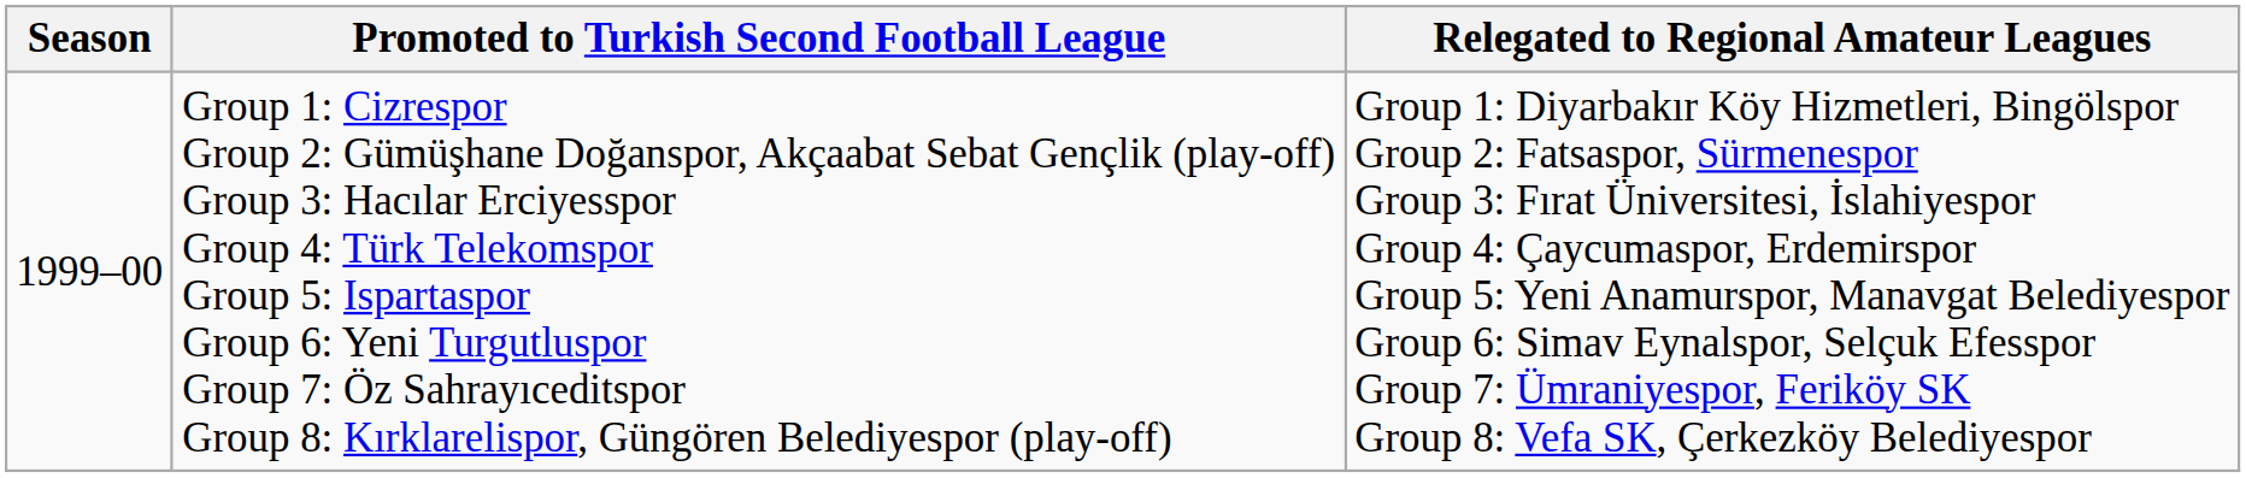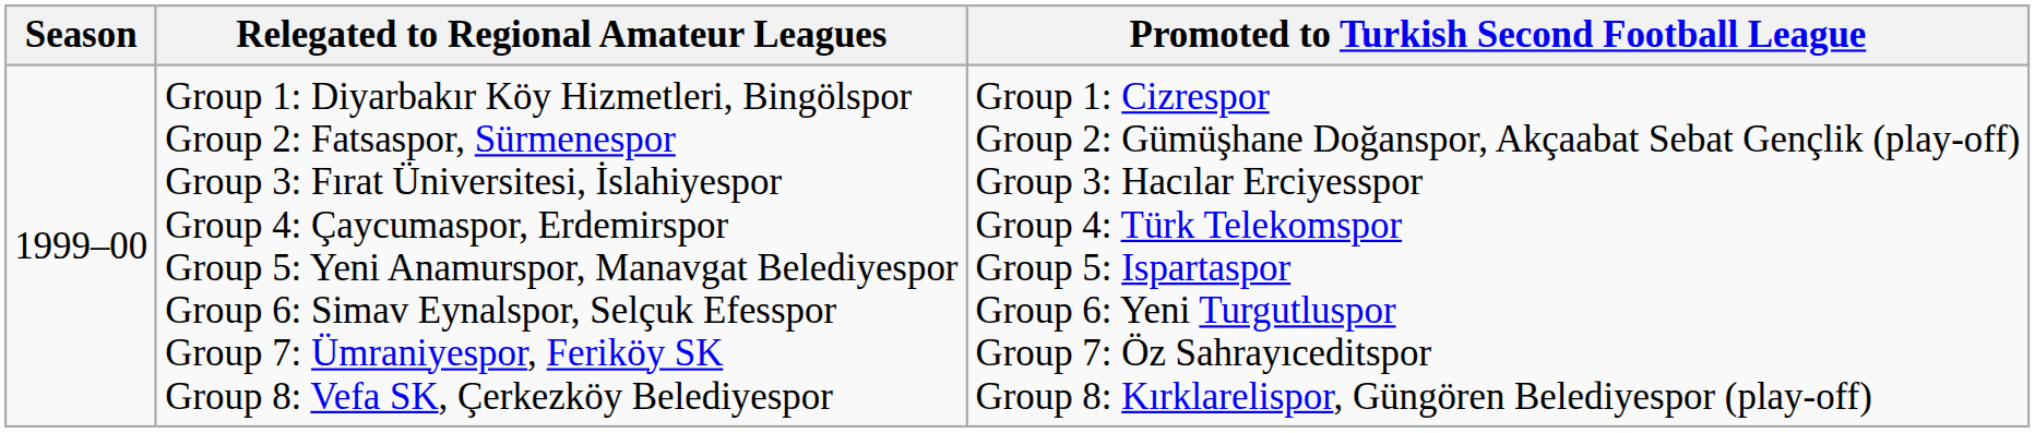 <table class="wikitable">
 <tr>
 <th>Season</th>
+<th>Relegated to Regional Amateur Leagues</th>
 <th>Promoted to <a href='#'>Turkish Second Football League</a></th>
-<th>Relegated to Regional Amateur Leagues</th>
 </tr>
 <tr>
 <td>1999–00</td>
+<td>Group 1: Diyarbakır Köy Hizmetleri, Bingölspor <br>Group 2: Fatsaspor, <a href='#'>Sürmenespor</a> <br>Group 3: Fırat Üniversitesi, İslahiyespor <br>Group 4: Çaycumaspor, Erdemirspor <br>Group 5: Yeni Anamurspor, Manavgat Belediyespor <br>Group 6: Simav Eynalspor, Selçuk Efesspor <br>Group 7: <a href='#'>Ümraniyespor</a>, <a href='#'>Feriköy SK</a> <br>Group 8: <a href='#'>Vefa SK</a>, Çerkezköy Belediyespor</td>
 <td>Group 1: <a href='#'>Cizrespor</a> <br> Group 2: Gümüşhane Doğanspor, Akçaabat Sebat Gençlik (play-off)<br>Group 3: Hacılar Erciyesspor <br>Group 4: <a href='#'>Türk Telekomspor</a> <br>Group 5: <a href='#'>Ispartaspor</a> <br>Group 6: Yeni <a href='#'>Turgutluspor</a> <br>Group 7: Öz Sahrayıceditspor <br> Group 8: <a href='#'>Kırklarelispor</a>, Güngören Belediyespor (play-off)</td>
-<td>Group 1: Diyarbakır Köy Hizmetleri, Bingölspor <br>Group 2: Fatsaspor, <a href='#'>Sürmenespor</a> <br>Group 3: Fırat Üniversitesi, İslahiyespor <br>Group 4: Çaycumaspor, Erdemirspor <br>Group 5: Yeni Anamurspor, Manavgat Belediyespor <br>Group 6: Simav Eynalspor, Selçuk Efesspor <br>Group 7: <a href='#'>Ümraniyespor</a>, <a href='#'>Feriköy SK</a> <br>Group 8: <a href='#'>Vefa SK</a>, Çerkezköy Belediyespor</td>
 </tr>
 </table>
